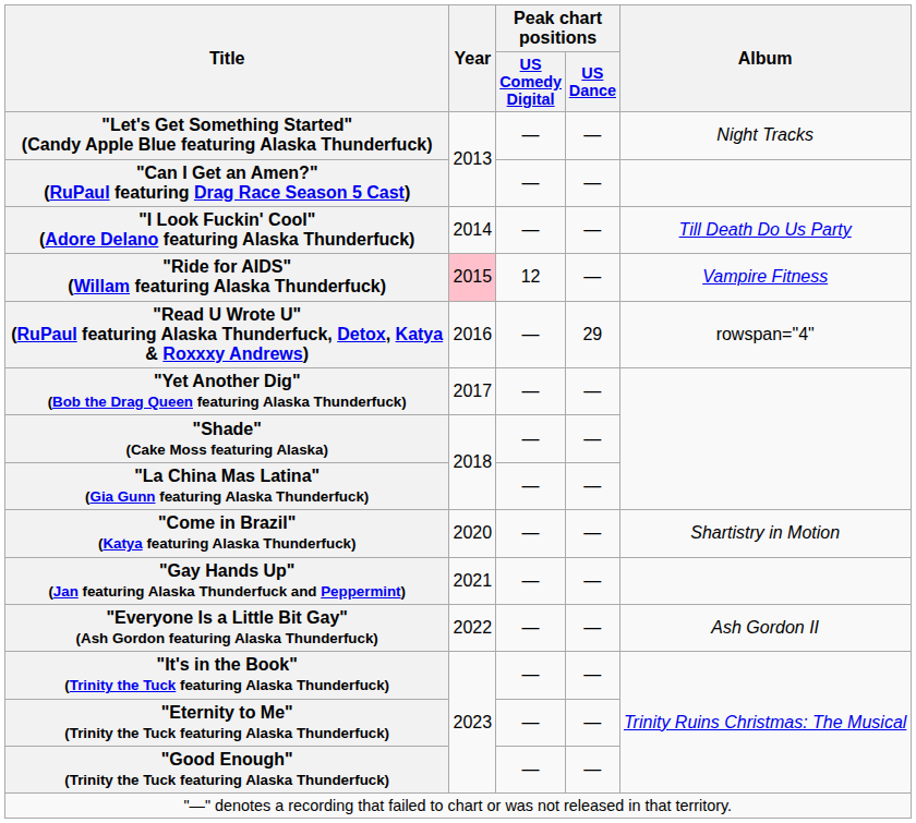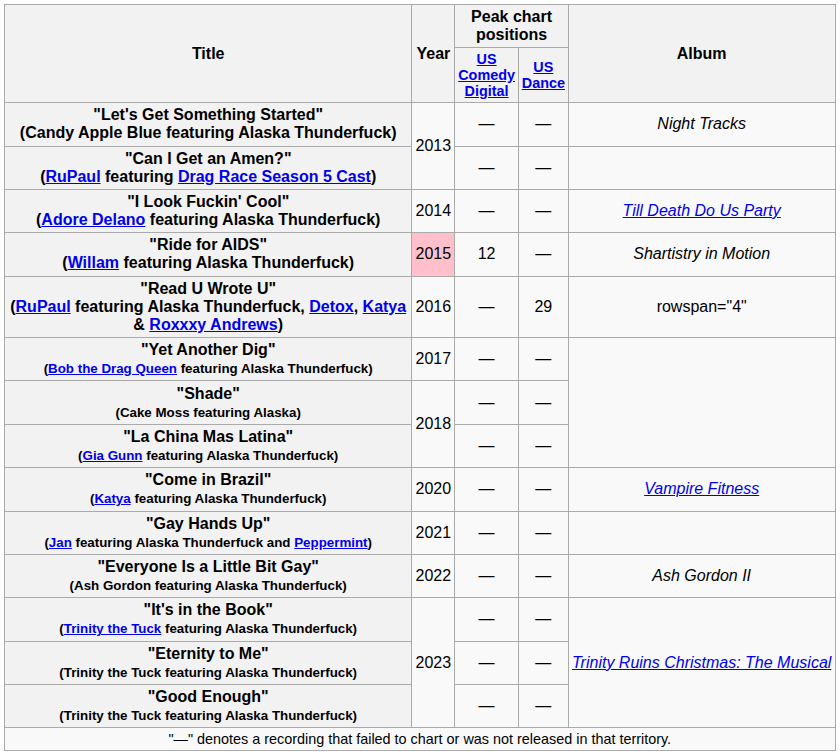 <table class="wikitable plainrowheaders" style="text-align:center;" border="1">
 <tr>
 <th scope="col" rowspan="2" style="width:25em;">Title</th>
 <th scope="col" rowspan="2">Year</th>
 <th scope="col" colspan="2">Peak chart positions</th>
 <th scope="col" rowspan="2">Album</th>
 </tr>
 <tr>
 <th scope="col" style="width:3em;font-size:90%;"><a href='#'>US<br>Comedy<br>Digital</a><br></th>
 <th scope="col" style="width:3em;font-size:90%;"><a href='#'>US<br>Dance</a><br></th>
 </tr>
 <tr>
 <th scope="row">"Let's Get Something Started" <span> <br>(Candy Apple Blue featuring Alaska Thunderfuck)</span></th>
 <td rowspan="2">2013</td>
 <td>—</td>
 <td>—</td>
 <td><em>Night Tracks</em></td>
 </tr>
 <tr>
 <th scope="row">"Can I Get an Amen?"<span> <br>(<a href='#'>RuPaul</a> featuring <a href='#'>Drag Race Season 5 Cast</a>)</span></th>
 <td>—</td>
 <td>—</td>
 <td></td>
 </tr>
 <tr>
 <th scope="row">"I Look Fuckin' Cool"<span> <br>(<a href='#'>Adore Delano</a> featuring Alaska Thunderfuck)</span></th>
 <td>2014</td>
 <td>—</td>
 <td>—</td>
 <td><em><a href='#'>Till Death Do Us Party</a></em></td>
 </tr>
 <tr>
 <th scope="row">"Ride for AIDS" <span> <br>(<a href='#'>Willam</a> featuring Alaska Thunderfuck)</span></th>
 <td style="background: pink;">2015</td>
 <td>12</td>
 <td>—</td>
-<td><em><a href='#'>Vampire Fitness</a></em></td>
+<td><em>Shartistry in Motion</em></td>
 </tr>
 <tr>
 <th scope="row">"Read U Wrote U" <span> <br>(<a href='#'>RuPaul</a> featuring Alaska Thunderfuck, <a href='#'>Detox</a>, <a href='#'>Katya</a> & <a href='#'>Roxxxy Andrews</a>)</span></th>
 <td>2016</td>
 <td>—</td>
 <td>29</td>
 <td>rowspan="4" </td>
 </tr>
 <tr>
 <th scope="row">"Yet Another Dig" <br><small>(<a href='#'>Bob the Drag Queen</a> featuring Alaska Thunderfuck)</small></th>
 <td>2017</td>
 <td>—</td>
 <td>—</td>
 </tr>
 <tr>
 <th scope="row">"Shade" <br><small>(Cake Moss featuring Alaska)</small></th>
 <td rowspan="2">2018</td>
 <td>—</td>
 <td>—</td>
 </tr>
 <tr>
 <th scope="row">"La China Mas Latina" <br><small>(<a href='#'>Gia Gunn</a> featuring Alaska Thunderfuck)</small></th>
 <td>—</td>
 <td>—</td>
 </tr>
 <tr>
 <th scope="row">"Come in Brazil" <br><small>(<a href='#'>Katya</a> featuring Alaska Thunderfuck)</small></th>
 <td>2020</td>
 <td>—</td>
 <td>—</td>
-<td><em>Shartistry in Motion</em></td>
+<td><em><a href='#'>Vampire Fitness</a></em></td>
 </tr>
 <tr>
 <th scope="row">"Gay Hands Up" <br><small>(<a href='#'>Jan</a> featuring Alaska Thunderfuck and <a href='#'>Peppermint</a>)</small></th>
 <td>2021</td>
 <td>—</td>
 <td>—</td>
 <td></td>
 </tr>
 <tr>
 <th scope="row">"Everyone Is a Little Bit Gay" <br><small>(Ash Gordon featuring Alaska Thunderfuck)</small></th>
 <td>2022</td>
 <td>—</td>
 <td>—</td>
 <td><em>Ash Gordon II</em></td>
 </tr>
 <tr>
 <th scope="row">"It's in the Book" <br><small>(<a href='#'>Trinity the Tuck</a> featuring Alaska Thunderfuck)</small></th>
 <td rowspan="3">2023</td>
 <td>—</td>
 <td>—</td>
 <td rowspan="3"><em><a href='#'>Trinity Ruins Christmas: The Musical</a></em></td>
 </tr>
 <tr>
 <th scope="row">"Eternity to Me" <br><small>(Trinity the Tuck featuring Alaska Thunderfuck)</small></th>
 <td>—</td>
 <td>—</td>
 </tr>
 <tr>
 <th scope="row">"Good Enough" <br><small>(Trinity the Tuck featuring Alaska Thunderfuck)</small></th>
 <td>—</td>
 <td>—</td>
 </tr>
 <tr>
 <td colspan="14" style="font-size:90%">"—" denotes a recording that failed to chart or was not released in that territory.</td>
 </tr>
 </table>
